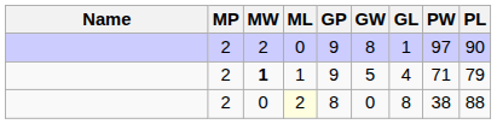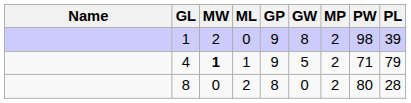 <table class=wikitable style="text-align:center">
 <tr>
 <th width=175>Name</th>
-<th width=20>MP</th>
+<th width=20>GL</th>
 <th width=20>MW</th>
 <th width=20>ML</th>
 <th width=20>GP</th>
 <th width=20>GW</th>
-<th width=20>GL</th>
+<th width=20>MP</th>
 <th width=20>PW</th>
 <th width=20>PL</th>
 </tr>
 <tr style="background-color:#ccccff;">
 <td style="text-align:left;"><strong></strong></td>
-<td>2</td>
+<td>1</td>
 <td>2</td>
 <td>0</td>
 <td>9</td>
 <td>8</td>
-<td>1</td>
-<td>97</td>
-<td>90</td>
+<td>2</td>
+<td>98</td>
+<td>39</td>
 </tr>
 <tr>
 <td style="text-align:left;"></td>
-<td>2</td>
+<td>4</td>
 <td><strong>1</strong></td>
 <td>1</td>
 <td>9</td>
 <td>5</td>
-<td>4</td>
+<td>2</td>
 <td>71</td>
 <td>79</td>
 </tr>
 <tr>
 <td style="text-align:left;"></td>
-<td>2</td>
-<td>0</td>
-<td style="background: lightyellow;">2</td>
 <td>8</td>
 <td>0</td>
+<td>2</td>
 <td>8</td>
-<td>38</td>
-<td>88</td>
+<td>0</td>
+<td>2</td>
+<td>80</td>
+<td>28</td>
 </tr>
 </table>
